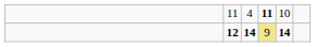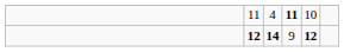 <table class="wikitable">
 <tr>
 <td style="width:18em"></td>
 <td align=center style="width:1em">11</td>
 <td align=center style="width:1em">4</td>
 <td align=center style="width:1em"><strong>11</strong></td>
 <td align=center style="width:1em">10</td>
 <td align=center style="width:1em"></td>
 </tr>
 <tr>
 <td style="width:18em"><strong></strong></td>
 <td align=center style="width:1em"><strong>12</strong></td>
 <td align=center style="width:1em"><strong>14</strong></td>
-<td align=center style="background: khaki; width:1em">9</td>
-<td align=center style="width:1em"><strong>14</strong></td>
+<td align=center style="width:1em">9</td>
+<td align=center style="width:1em"><strong>12</strong></td>
 <td align=center style="width:1em"></td>
 </tr>
 </table>
